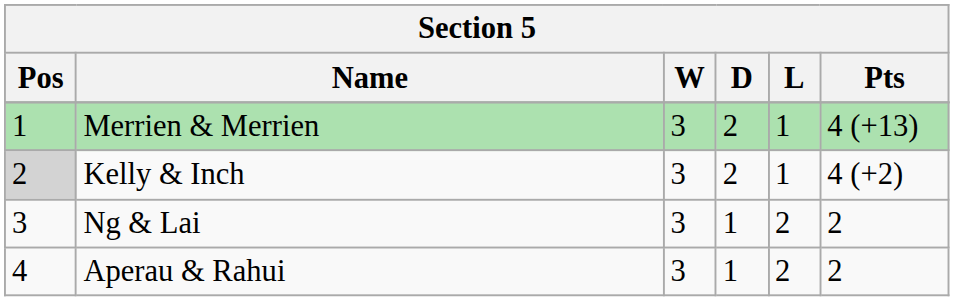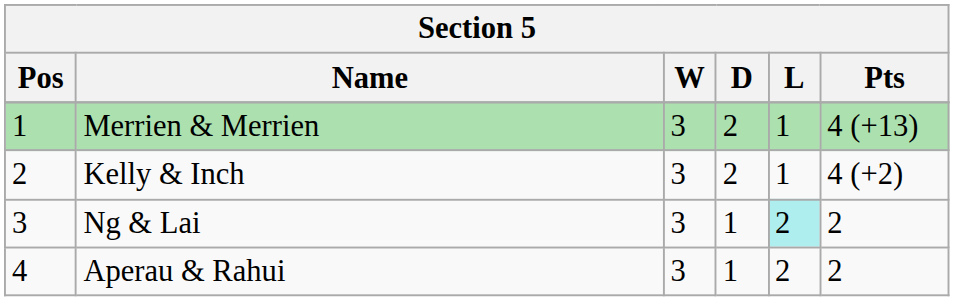 <table class="wikitable">
 <tr>
 <th colspan="6">Section 5</th>
 </tr>
 <tr>
 <th width=30>Pos</th>
 <th width=300>Name</th>
 <th width=20>W</th>
 <th width=20>D</th>
 <th width=20>L</th>
 <th width=60>Pts</th>
 </tr>
 <tr>
 </tr>
 <tr style="background:#ACE1AF;">
 <td>1</td>
 <td> Merrien & Merrien</td>
 <td>3</td>
 <td>2</td>
 <td>1</td>
 <td>4 (+13)</td>
 </tr>
 <tr>
-<td style="background: lightgrey;">2</td>
+<td>2</td>
 <td> Kelly & Inch</td>
 <td>3</td>
 <td>2</td>
 <td>1</td>
 <td>4 (+2)</td>
 </tr>
 <tr>
 <td>3</td>
 <td> Ng &  Lai</td>
 <td>3</td>
 <td>1</td>
-<td>2</td>
+<td style="background: paleturquoise;">2</td>
 <td>2</td>
 </tr>
 <tr>
 <td>4</td>
 <td> Aperau & Rahui</td>
 <td>3</td>
 <td>1</td>
 <td>2</td>
 <td>2</td>
 </tr>
 </table>
